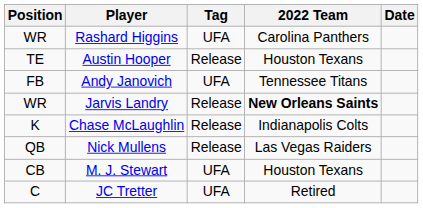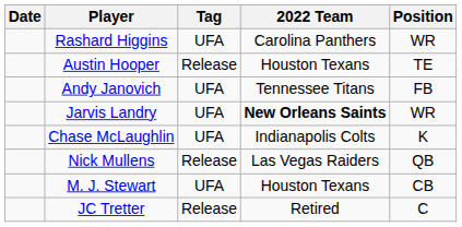 <table class="wikitable sortable" style="text-align:center">
 <tr>
-<th>Position</th>
+<th>Date</th>
 <th>Player</th>
 <th>Tag</th>
 <th>2022 Team</th>
-<th>Date</th>
+<th>Position</th>
 </tr>
 <tr>
-<td>WR</td>
+<td></td>
 <td><a href='#'>Rashard Higgins</a></td>
 <td>UFA</td>
 <td>Carolina Panthers</td>
-<td></td>
+<td>WR</td>
 </tr>
 <tr>
-<td>TE</td>
+<td></td>
 <td><a href='#'>Austin Hooper</a></td>
 <td>Release</td>
 <td>Houston Texans</td>
-<td></td>
+<td>TE</td>
 </tr>
 <tr>
-<td>FB</td>
+<td></td>
 <td><a href='#'>Andy Janovich</a></td>
 <td>UFA</td>
 <td>Tennessee Titans</td>
-<td></td>
+<td>FB</td>
 </tr>
 <tr>
+<td></td>
+<td><a href='#'>Jarvis Landry</a></td>
+<td>UFA</td>
+<td><strong>New Orleans Saints</strong></td>
 <td>WR</td>
-<td><a href='#'>Jarvis Landry</a></td>
-<td>Release</td>
-<td><strong>New Orleans Saints</strong></td>
-<td></td>
 </tr>
 <tr>
+<td></td>
+<td><a href='#'>Chase McLaughlin</a></td>
+<td>UFA</td>
+<td>Indianapolis Colts</td>
 <td>K</td>
-<td><a href='#'>Chase McLaughlin</a></td>
-<td>Release</td>
-<td>Indianapolis Colts</td>
-<td></td>
 </tr>
 <tr>
-<td>QB</td>
+<td></td>
 <td><a href='#'>Nick Mullens</a></td>
 <td>Release</td>
 <td>Las Vegas Raiders</td>
-<td></td>
+<td>QB</td>
 </tr>
 <tr>
-<td>CB</td>
+<td></td>
 <td><a href='#'>M. J. Stewart</a></td>
 <td>UFA</td>
 <td>Houston Texans</td>
-<td></td>
+<td>CB</td>
 </tr>
 <tr>
+<td></td>
+<td><a href='#'>JC Tretter</a></td>
+<td>Release</td>
+<td>Retired</td>
 <td>C</td>
-<td><a href='#'>JC Tretter</a></td>
-<td>UFA</td>
-<td>Retired</td>
-<td></td>
 </tr>
 </table>
